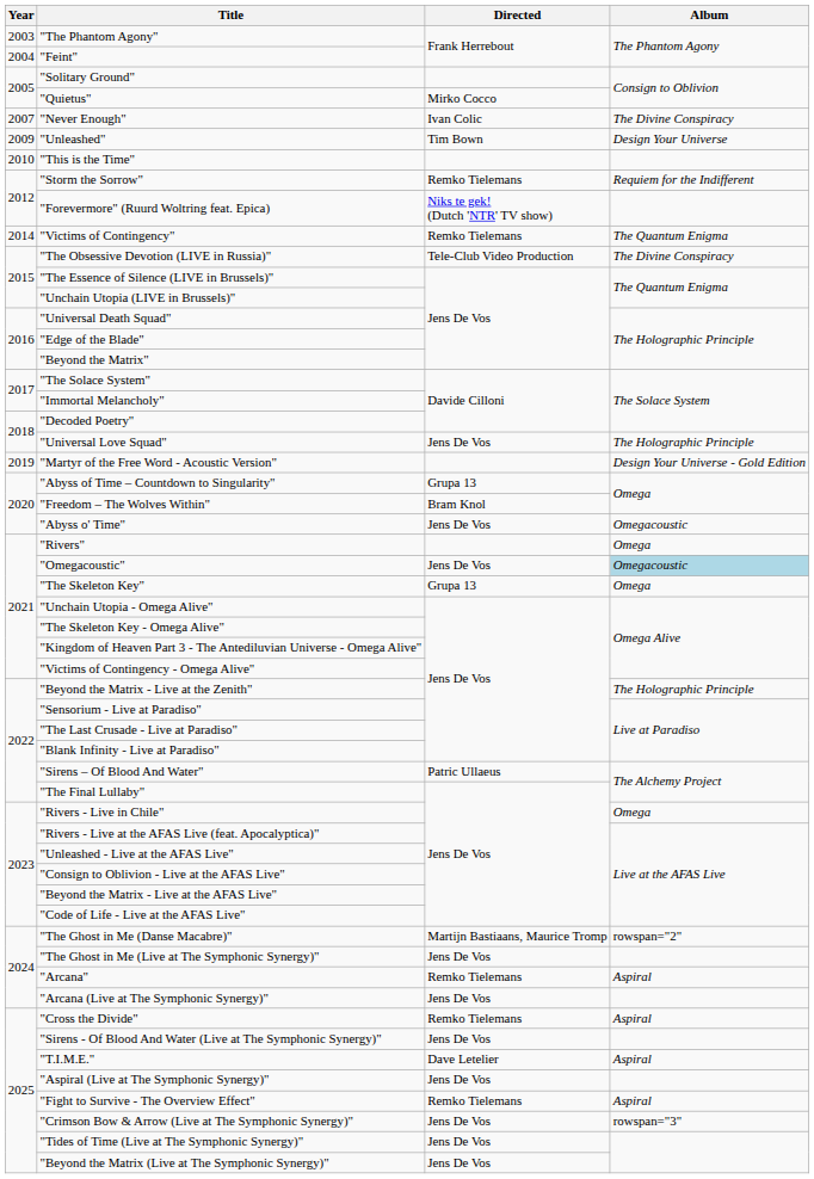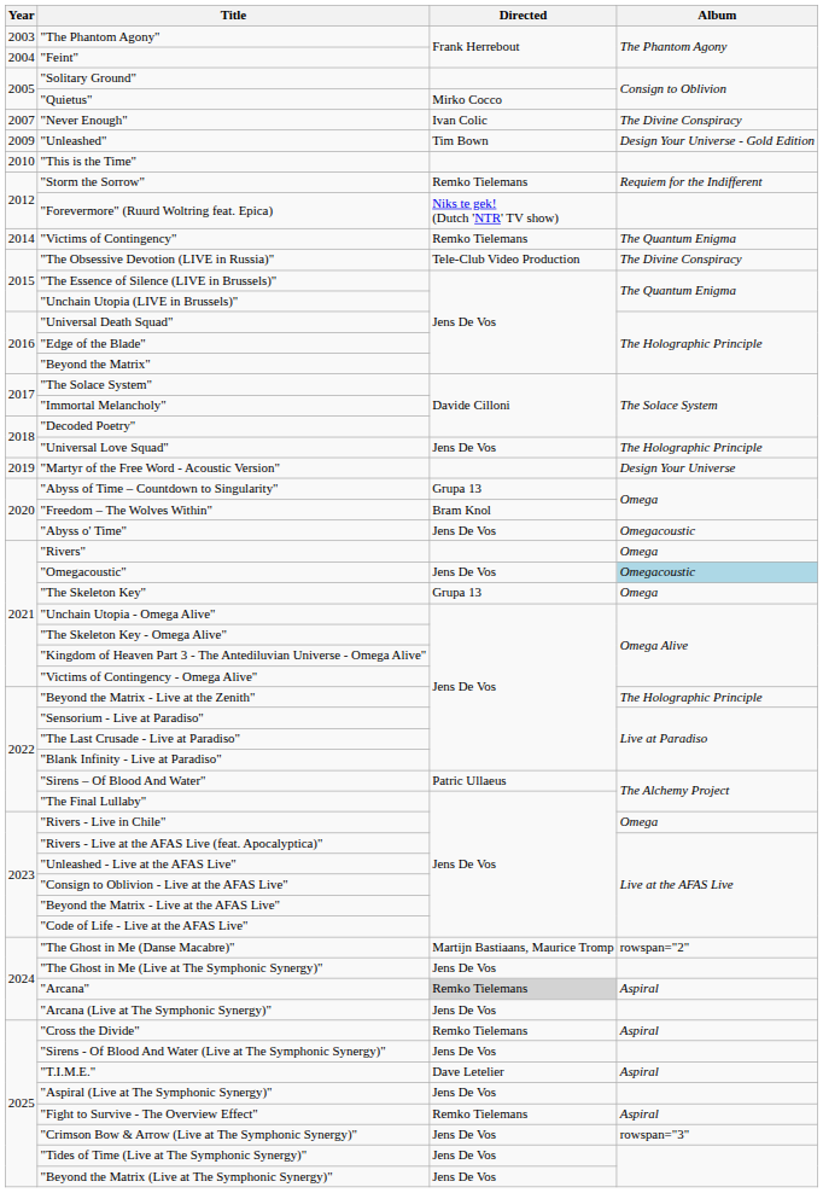 <table class=wikitable>
 <tr>
 <th>Year</th>
 <th>Title</th>
 <th>Directed</th>
 <th>Album</th>
 </tr>
 <tr>
 <td>2003</td>
 <td>"The Phantom Agony"</td>
 <td rowspan=2>Frank Herrebout</td>
 <td rowspan=2><em>The Phantom Agony</em></td>
 </tr>
 <tr>
 <td>2004</td>
 <td>"Feint"</td>
 </tr>
 <tr>
 <td rowspan=2>2005</td>
 <td>"Solitary Ground"</td>
 <td></td>
 <td rowspan=2><em>Consign to Oblivion</em></td>
 </tr>
 <tr>
 <td>"Quietus"</td>
 <td>Mirko Cocco</td>
 </tr>
 <tr>
 <td>2007</td>
 <td>"Never Enough"</td>
 <td>Ivan Colic</td>
 <td><em>The Divine Conspiracy</em></td>
 </tr>
 <tr>
 <td>2009</td>
 <td>"Unleashed"</td>
 <td>Tim Bown</td>
-<td><em>Design Your Universe</em></td>
+<td><em>Design Your Universe - Gold Edition</em></td>
 </tr>
 <tr>
 <td>2010</td>
 <td>"This is the Time"</td>
 <td></td>
 <td></td>
 </tr>
 <tr>
 <td rowspan=2>2012</td>
 <td>"Storm the Sorrow"</td>
 <td>Remko Tielemans</td>
 <td><em>Requiem for the Indifferent</em></td>
 </tr>
 <tr>
 <td>"Forevermore" (Ruurd Woltring feat. Epica)</td>
 <td><a href='#'>Niks te gek!</a><br>(Dutch '<a href='#'>NTR</a>' TV show)</td>
 <td></td>
 </tr>
 <tr>
 <td>2014</td>
 <td>"Victims of Contingency"</td>
 <td>Remko Tielemans</td>
 <td><em>The Quantum Enigma</em></td>
 </tr>
 <tr>
 <td rowspan=3>2015</td>
 <td>"The Obsessive Devotion (LIVE in Russia)"</td>
 <td>Tele-Club Video Production</td>
 <td><em>The Divine Conspiracy</em></td>
 </tr>
 <tr>
 <td>"The Essence of Silence (LIVE in Brussels)"</td>
 <td rowspan=5>Jens De Vos</td>
 <td rowspan=2><em>The Quantum Enigma</em></td>
 </tr>
 <tr>
 <td>"Unchain Utopia (LIVE in Brussels)"</td>
 </tr>
 <tr>
 <td rowspan="3">2016</td>
 <td>"Universal Death Squad"</td>
 <td rowspan="3"><em>The Holographic Principle</em></td>
 </tr>
 <tr>
 <td>"Edge of the Blade"</td>
 </tr>
 <tr>
 <td>"Beyond the Matrix"</td>
 </tr>
 <tr>
 <td rowspan=2>2017</td>
 <td>"The Solace System"</td>
 <td rowspan="3">Davide Cilloni</td>
 <td rowspan="3"><em>The Solace System</em></td>
 </tr>
 <tr>
 <td>"Immortal Melancholy"</td>
 </tr>
 <tr>
 <td rowspan="2">2018</td>
 <td>"Decoded Poetry"</td>
 </tr>
 <tr>
 <td>"Universal Love Squad"</td>
 <td>Jens De Vos</td>
 <td><em>The Holographic Principle</em></td>
 </tr>
 <tr>
 <td>2019</td>
 <td>"Martyr of the Free Word - Acoustic Version"</td>
 <td></td>
-<td><em>Design Your Universe - Gold Edition</em></td>
+<td><em>Design Your Universe</em></td>
 </tr>
 <tr>
 <td rowspan="3">2020</td>
 <td>"Abyss of Time – Countdown to Singularity"</td>
 <td>Grupa 13</td>
 <td rowspan="2"><em>Omega</em></td>
 </tr>
 <tr>
 <td>"Freedom – The Wolves Within"</td>
 <td>Bram Knol</td>
 </tr>
 <tr>
 <td>"Abyss o' Time"</td>
 <td>Jens De Vos</td>
 <td><em>Omegacoustic</em></td>
 </tr>
 <tr>
 <td rowspan="7">2021</td>
 <td>"Rivers"</td>
 <td></td>
 <td><em>Omega</em></td>
 </tr>
 <tr>
 <td>"Omegacoustic"</td>
 <td>Jens De Vos</td>
 <td style="background: lightblue;"><em>Omegacoustic</em></td>
 </tr>
 <tr>
 <td>"The Skeleton Key"</td>
 <td>Grupa 13</td>
 <td><em>Omega</em></td>
 </tr>
 <tr>
 <td>"Unchain Utopia - Omega Alive"</td>
 <td rowspan="8">Jens De Vos</td>
 <td rowspan="4"><em>Omega Alive</em></td>
 </tr>
 <tr>
 <td>"The Skeleton Key - Omega Alive"</td>
 </tr>
 <tr>
 <td>"Kingdom of Heaven Part 3 - The Antediluvian Universe - Omega Alive"</td>
 </tr>
 <tr>
 <td>"Victims of Contingency - Omega Alive"</td>
 </tr>
 <tr>
 <td rowspan="6">2022</td>
 <td>"Beyond the Matrix - Live at the Zenith"</td>
 <td><em>The Holographic Principle</em></td>
 </tr>
 <tr>
 <td>"Sensorium - Live at Paradiso"</td>
 <td rowspan="3"><em>Live at Paradiso</em></td>
 </tr>
 <tr>
 <td>"The Last Crusade - Live at Paradiso"</td>
 </tr>
 <tr>
 <td>"Blank Infinity - Live at Paradiso"</td>
 </tr>
 <tr>
 <td>"Sirens – Of Blood And Water"</td>
 <td>Patric Ullaeus</td>
 <td rowspan="2"><em>The Alchemy Project</em></td>
 </tr>
 <tr>
 <td>"The Final Lullaby"</td>
 <td rowspan="7">Jens De Vos</td>
 </tr>
 <tr>
 <td rowspan="6">2023</td>
 <td>"Rivers - Live in Chile"</td>
 <td><em>Omega</em></td>
 </tr>
 <tr>
 <td>"Rivers - Live at the AFAS Live (feat. Apocalyptica)"</td>
 <td rowspan="5"><em>Live at the AFAS Live</em></td>
 </tr>
 <tr>
 <td>"Unleashed - Live at the AFAS Live"</td>
 </tr>
 <tr>
 <td>"Consign to Oblivion - Live at the AFAS Live"</td>
 </tr>
 <tr>
 <td>"Beyond the Matrix - Live at the AFAS Live"</td>
 </tr>
 <tr>
 <td>"Code of Life - Live at the AFAS Live"</td>
 </tr>
 <tr>
 <td rowspan="4">2024</td>
 <td>"The Ghost in Me (Danse Macabre)"</td>
 <td>Martijn Bastiaans, Maurice Tromp</td>
 <td>rowspan="2" </td>
 </tr>
 <tr>
 <td>"The Ghost in Me (Live at The Symphonic Synergy)"</td>
 <td>Jens De Vos</td>
 </tr>
 <tr>
 <td>"Arcana"</td>
-<td>Remko Tielemans</td>
+<td style="background: lightgrey;">Remko Tielemans</td>
 <td><em>Aspiral</em></td>
 </tr>
 <tr>
 <td>"Arcana (Live at The Symphonic Synergy)"</td>
 <td>Jens De Vos</td>
 <td></td>
 </tr>
 <tr>
 <td rowspan="8">2025</td>
 <td>"Cross the Divide"</td>
 <td>Remko Tielemans</td>
 <td><em>Aspiral</em></td>
 </tr>
 <tr>
 <td>"Sirens - Of Blood And Water (Live at The Symphonic Synergy)"</td>
 <td>Jens De Vos</td>
 <td></td>
 </tr>
 <tr>
 <td>"T.I.M.E."</td>
 <td>Dave Letelier</td>
 <td><em>Aspiral</em></td>
 </tr>
 <tr>
 <td>"Aspiral (Live at The Symphonic Synergy)"</td>
 <td>Jens De Vos</td>
 <td></td>
 </tr>
 <tr>
 <td>"Fight to Survive - The Overview Effect"</td>
 <td>Remko Tielemans</td>
 <td><em>Aspiral</em></td>
 </tr>
 <tr>
 <td>"Crimson Bow & Arrow (Live at The Symphonic Synergy)"</td>
 <td>Jens De Vos</td>
 <td>rowspan="3" </td>
 </tr>
 <tr>
 <td>"Tides of Time (Live at The Symphonic Synergy)"</td>
 <td>Jens De Vos</td>
 </tr>
 <tr>
 <td>"Beyond the Matrix (Live at The Symphonic Synergy)"</td>
 <td>Jens De Vos</td>
 </tr>
 </table>
